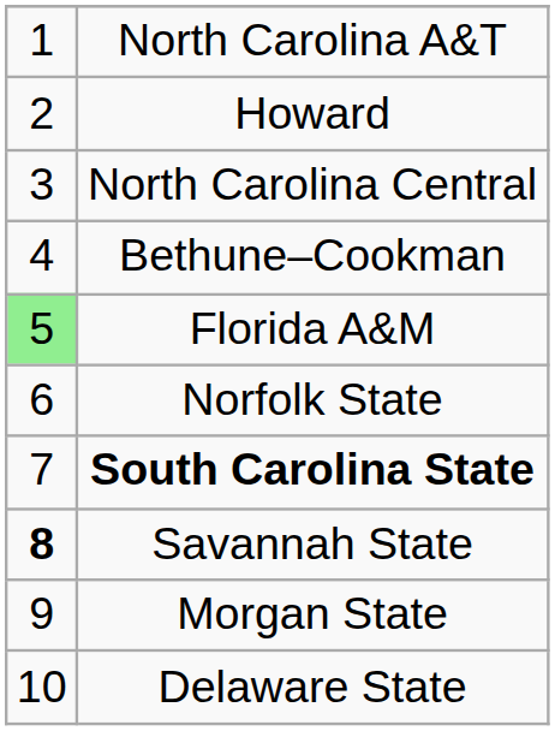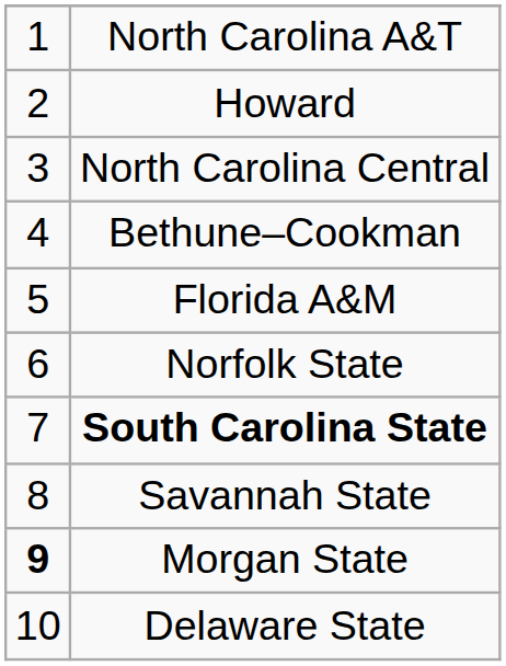 <table class="wikitable">
 <tr align="center">
 </tr>
 <tr align="center">
 <td>1</td>
 <td>North Carolina A&T</td>
 </tr>
 <tr align="center">
 <td>2</td>
 <td>Howard</td>
 </tr>
 <tr align="center">
 <td>3</td>
 <td>North Carolina Central</td>
 </tr>
 <tr align="center">
 <td>4</td>
 <td>Bethune–Cookman</td>
 </tr>
 <tr align="center">
-<td style="background: lightgreen;">5</td>
+<td>5</td>
 <td>Florida A&M</td>
 </tr>
 <tr align="center">
 <td>6</td>
 <td>Norfolk State</td>
 </tr>
 <tr align="center">
 <td>7</td>
 <td><strong>South Carolina State</strong></td>
 </tr>
 <tr align="center">
-<td><strong>8</strong></td>
+<td>8</td>
 <td>Savannah State</td>
 </tr>
 <tr align="center">
-<td>9</td>
+<td><strong>9</strong></td>
 <td>Morgan State</td>
 </tr>
 <tr align="center">
 <td>10</td>
 <td>Delaware State</td>
 </tr>
 </table>
